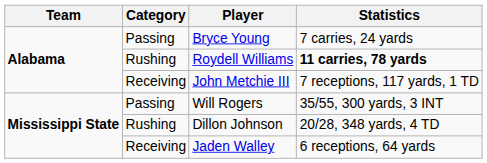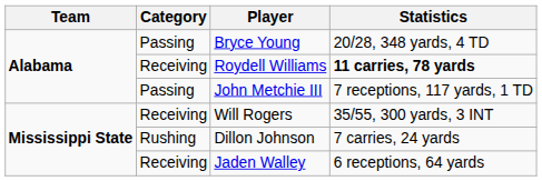 <table class="wikitable" style="float: right;">
 <tr>
 <th>Team</th>
 <th>Category</th>
 <th>Player</th>
 <th>Statistics</th>
 </tr>
 <tr>
 <td rowspan=3><strong>Alabama</strong></td>
 <td>Passing</td>
 <td><a href='#'>Bryce Young</a></td>
-<td>7 carries, 24 yards</td>
+<td>20/28, 348 yards, 4 TD</td>
 </tr>
 <tr>
-<td>Rushing</td>
+<td>Receiving</td>
 <td><a href='#'>Roydell Williams</a></td>
 <td><strong>11 carries, 78 yards</strong></td>
 </tr>
 <tr>
-<td>Receiving</td>
+<td>Passing</td>
 <td><a href='#'>John Metchie III</a></td>
 <td>7 receptions, 117 yards, 1 TD</td>
 </tr>
 <tr>
 <td rowspan=3><strong>Mississippi State</strong></td>
-<td>Passing</td>
+<td>Receiving</td>
 <td>Will Rogers</td>
 <td>35/55, 300 yards, 3 INT</td>
 </tr>
 <tr>
 <td>Rushing</td>
 <td>Dillon Johnson</td>
-<td>20/28, 348 yards, 4 TD</td>
+<td>7 carries, 24 yards</td>
 </tr>
 <tr>
 <td>Receiving</td>
 <td><a href='#'>Jaden Walley</a></td>
 <td>6 receptions, 64 yards</td>
 </tr>
 </table>
